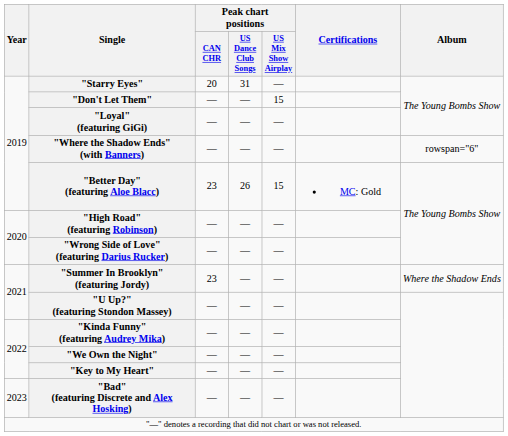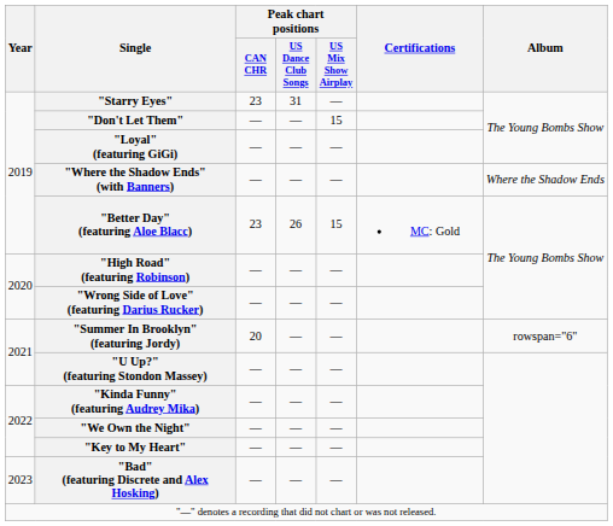 <table class="wikitable plainrowheaders" style="text-align:center;">
 <tr>
 <th rowspan="2" style="width:1em;">Year</th>
 <th rowspan="2" style="width:16em;">Single</th>
 <th colspan="3">Peak chart<br>positions</th>
 <th rowspan="2" style="width:10em;"><a href='#'>Certifications</a></th>
 <th rowspan="2">Album</th>
 </tr>
 <tr style="font-size:smaller;">
 <th style="width:3.5em;"><a href='#'>CAN<br>CHR</a><br></th>
 <th style="width:3.5em;"><a href='#'>US<br>Dance Club Songs</a><br></th>
 <th style="width:3.5em;"><a href='#'>US<br>Mix Show Airplay</a><br></th>
 </tr>
 <tr>
 <td rowspan="5">2019</td>
 <th scope="row">"Starry Eyes"</th>
-<td>20</td>
+<td>23</td>
 <td>31</td>
 <td>—</td>
 <td></td>
 <td rowspan="3"><em>The Young Bombs Show</em></td>
 </tr>
 <tr>
 <th scope="row">"Don't Let Them"</th>
 <td>—</td>
 <td>—</td>
 <td>15</td>
 <td></td>
 </tr>
 <tr>
 <th scope="row">"Loyal" <br><span>(featuring GiGi)</span></th>
 <td>—</td>
 <td>—</td>
 <td>—</td>
 <td></td>
 </tr>
 <tr>
 <th scope="row">"Where the Shadow Ends" <br><span>(with <a href='#'>Banners</a>)</span></th>
 <td>—</td>
 <td>—</td>
 <td>—</td>
 <td></td>
-<td>rowspan="6" </td>
+<td><em>Where the Shadow Ends</em></td>
 </tr>
 <tr>
 <th scope="row">"Better Day" <br><span>(featuring <a href='#'>Aloe Blacc</a>)</span></th>
 <td>23</td>
 <td>26</td>
 <td>15</td>
 <td><br><ul><li><a href='#'>MC</a>: Gold</li></ul></td>
 <td rowspan="3"><em>The Young Bombs Show</em></td>
 </tr>
 <tr>
 <td rowspan="2">2020</td>
 <th scope="row">"High Road" <br><span>(featuring <a href='#'>Robinson</a>)</span></th>
 <td>—</td>
 <td>—</td>
 <td>—</td>
 <td></td>
 </tr>
 <tr>
 <th scope="row">"Wrong Side of Love" <br><span>(featuring <a href='#'>Darius Rucker</a>)</span></th>
 <td>—</td>
 <td>—</td>
 <td>—</td>
 <td></td>
 </tr>
 <tr>
 <td rowspan="2">2021</td>
 <th scope="row">"Summer In Brooklyn" <br><span>(featuring Jordy)</span></th>
-<td>23</td>
+<td>20</td>
 <td>—</td>
 <td>—</td>
 <td></td>
-<td><em>Where the Shadow Ends</em></td>
+<td>rowspan="6" </td>
 </tr>
 <tr>
 <th scope="row">"U Up?" <br><span>(featuring Stondon Massey)</span></th>
 <td>—</td>
 <td>—</td>
 <td>—</td>
 <td></td>
 </tr>
 <tr>
 <td rowspan="3">2022</td>
 <th scope="row">"Kinda Funny" <br><span>(featuring <a href='#'>Audrey Mika</a>)</span></th>
 <td>—</td>
 <td>—</td>
 <td>—</td>
 <td></td>
 </tr>
 <tr>
 <th scope="row">"We Own the Night"</th>
 <td>—</td>
 <td>—</td>
 <td>—</td>
 <td></td>
 </tr>
 <tr>
 <th scope="row">"Key to My Heart"</th>
 <td>—</td>
 <td>—</td>
 <td>—</td>
 <td></td>
 </tr>
 <tr>
 <td>2023</td>
 <th scope="row">"Bad" <br><span>(featuring Discrete and <a href='#'>Alex Hosking</a>)</span></th>
 <td>—</td>
 <td>—</td>
 <td>—</td>
 <td></td>
 </tr>
 <tr>
 <td colspan="7" style="font-size:85%">"—" denotes a recording that did not chart or was not released.</td>
 </tr>
 </table>
